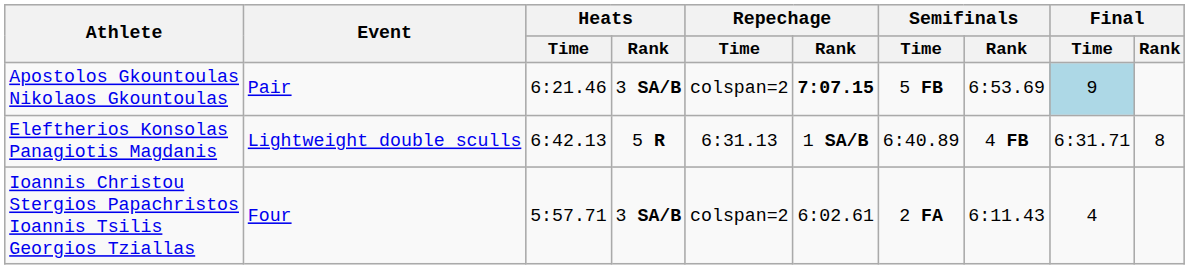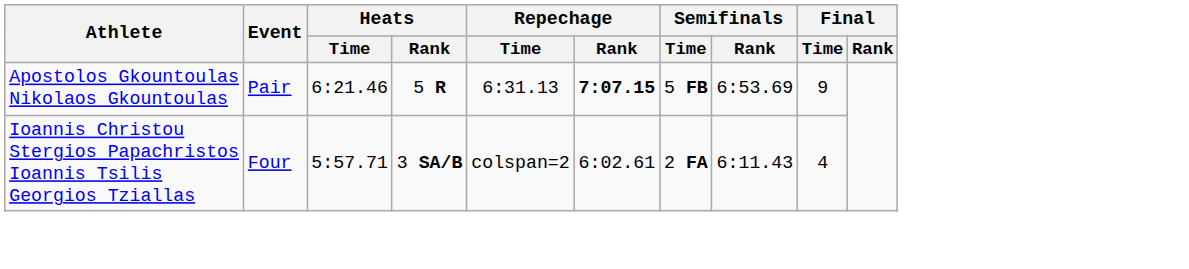 <table class="wikitable" style="font-size:90%">
 <tr>
 <th rowspan=2>Athlete</th>
 <th rowspan=2>Event</th>
 <th colspan="2">Heats</th>
 <th colspan="2">Repechage</th>
 <th colspan="2">Semifinals</th>
 <th colspan="2">Final</th>
 </tr>
 <tr style="font-size:95%">
 <th>Time</th>
 <th>Rank</th>
 <th>Time</th>
 <th>Rank</th>
 <th>Time</th>
 <th>Rank</th>
 <th>Time</th>
 <th>Rank</th>
 </tr>
 <tr align=center>
 <td align=left><a href='#'>Apostolos Gkountoulas</a><br><a href='#'>Nikolaos Gkountoulas</a></td>
 <td align=left><a href='#'>Pair</a></td>
 <td>6:21.46</td>
-<td>3 <strong>SA/B</strong></td>
-<td>colspan=2 </td>
+<td>5 <strong>R</strong></td>
+<td>6:31.13</td>
 <td><strong>7:07.15</strong></td>
 <td>5 <strong>FB</strong></td>
 <td>6:53.69</td>
-<td style="background: lightblue;">9</td>
-</tr>
-<tr align=center>
-<td align=left><a href='#'>Eleftherios Konsolas</a><br><a href='#'>Panagiotis Magdanis</a></td>
-<td align=left><a href='#'>Lightweight double sculls</a></td>
-<td>6:42.13</td>
-<td>5 <strong>R</strong></td>
-<td>6:31.13</td>
-<td>1 <strong>SA/B</strong></td>
-<td>6:40.89</td>
-<td>4 <strong>FB</strong></td>
-<td>6:31.71</td>
-<td>8</td>
+<td>9</td>
 </tr>
 <tr align=center>
 <td align=left><a href='#'>Ioannis Christou</a><br><a href='#'>Stergios Papachristos</a> <br> <a href='#'>Ioannis Tsilis</a> <br> <a href='#'>Georgios Tziallas</a></td>
 <td align=left><a href='#'>Four</a></td>
 <td>5:57.71</td>
 <td>3 <strong>SA/B</strong></td>
 <td>colspan=2 </td>
 <td>6:02.61</td>
 <td>2 <strong>FA</strong></td>
 <td>6:11.43</td>
 <td>4</td>
 </tr>
 </table>
